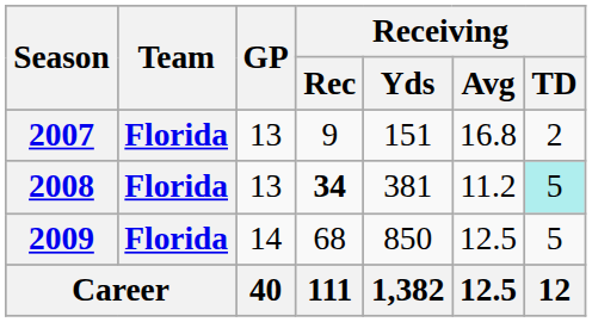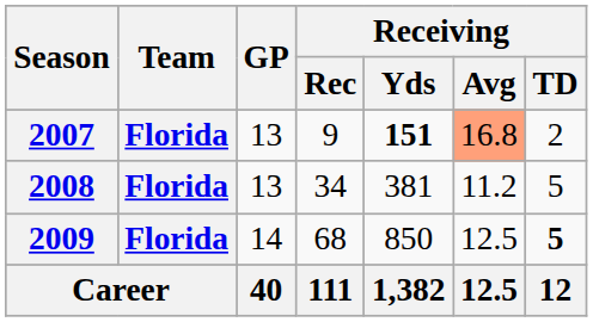 <table class="wikitable" style="text-align:center;">
 <tr>
 <th rowspan="2">Season</th>
 <th rowspan="2">Team</th>
 <th rowspan="2">GP</th>
 <th colspan="4">Receiving</th>
 </tr>
 <tr>
 <th>Rec</th>
 <th>Yds</th>
 <th>Avg</th>
 <th>TD</th>
 </tr>
 <tr>
 <th><a href='#'>2007</a></th>
 <th><a href='#'>Florida</a></th>
 <td>13</td>
 <td>9</td>
-<td>151</td>
-<td>16.8</td>
+<td><strong>151</strong></td>
+<td style="background: lightsalmon;">16.8</td>
 <td>2</td>
 </tr>
 <tr>
 <th><a href='#'>2008</a></th>
 <th><a href='#'>Florida</a></th>
 <td>13</td>
-<td><strong>34</strong></td>
+<td>34</td>
 <td>381</td>
 <td>11.2</td>
-<td style="background: paleturquoise;">5</td>
+<td>5</td>
 </tr>
 <tr>
 <th><a href='#'>2009</a></th>
 <th><a href='#'>Florida</a></th>
 <td>14</td>
 <td>68</td>
 <td>850</td>
 <td>12.5</td>
-<td>5</td>
+<td><strong>5</strong></td>
 </tr>
 <tr>
 <th colspan="2">Career</th>
 <th>40</th>
 <th>111</th>
 <th>1,382</th>
 <th>12.5</th>
 <th>12</th>
 </tr>
 </table>
